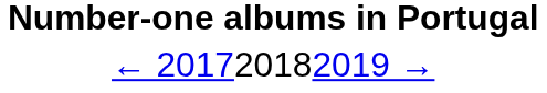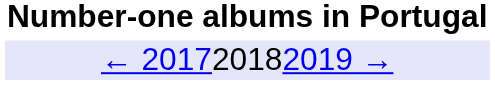 <table class="toc" id="toc" summary="Contents">
 <tr>
 <th>Number-one albums in Portugal</th>
 </tr>
 <tr>
-<td align="center"><a href='#'>← 2017</a>2018<a href='#'>2019 →</a></td>
+<td align="center" style="background: lavender;"><a href='#'>← 2017</a>2018<a href='#'>2019 →</a></td>
 </tr>
 </table>
